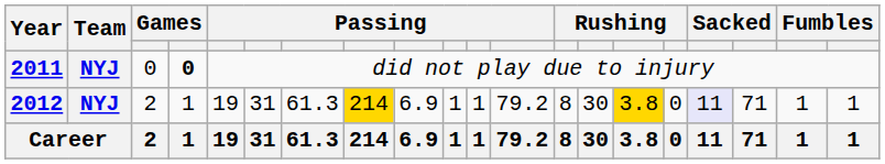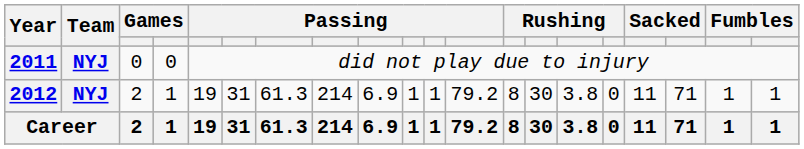 <table class=wikitable style="text-align:center;">
 <tr>
 <th rowspan="2">Year</th>
 <th rowspan="2">Team</th>
 <th colspan="2">Games</th>
 <th colspan="8">Passing</th>
 <th colspan="4">Rushing</th>
 <th colspan="2">Sacked</th>
 <th colspan="2">Fumbles</th>
 </tr>
 <tr>
 <th></th>
 <th></th>
 <th></th>
 <th></th>
 <th></th>
 <th></th>
 <th></th>
 <th></th>
 <th></th>
 <th></th>
 <th></th>
 <th></th>
 <th></th>
 <th></th>
 <th></th>
 <th></th>
 <th></th>
 <th></th>
 </tr>
 <tr>
 <th><a href='#'>2011</a></th>
 <th><a href='#'>NYJ</a></th>
 <td>0</td>
-<td><strong>0</strong></td>
+<td>0</td>
 <td colspan="16"><em>did not play due to injury</em></td>
 </tr>
 <tr>
 <th><a href='#'>2012</a></th>
 <th><a href='#'>NYJ</a></th>
 <td>2</td>
 <td>1</td>
 <td>19</td>
 <td>31</td>
 <td>61.3</td>
-<td style="background: gold;">214</td>
+<td>214</td>
 <td>6.9</td>
 <td>1</td>
 <td>1</td>
 <td>79.2</td>
 <td>8</td>
 <td>30</td>
-<td style="background: gold;">3.8</td>
+<td>3.8</td>
 <td>0</td>
-<td style="background: lavender;">11</td>
+<td>11</td>
 <td>71</td>
 <td>1</td>
 <td>1</td>
 </tr>
 <tr>
 <th colspan="2">Career</th>
 <th>2</th>
 <th>1</th>
 <th>19</th>
 <th>31</th>
 <th>61.3</th>
 <th>214</th>
 <th>6.9</th>
 <th>1</th>
 <th>1</th>
 <th>79.2</th>
 <th>8</th>
 <th>30</th>
 <th>3.8</th>
 <th>0</th>
 <th>11</th>
 <th>71</th>
 <th>1</th>
 <th>1</th>
 </tr>
 </table>
